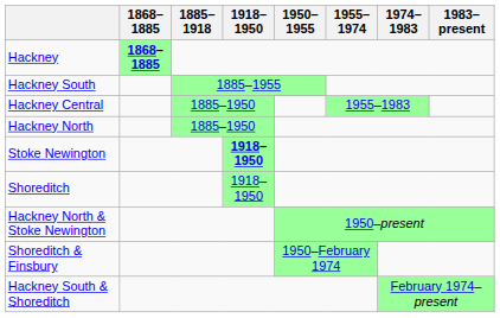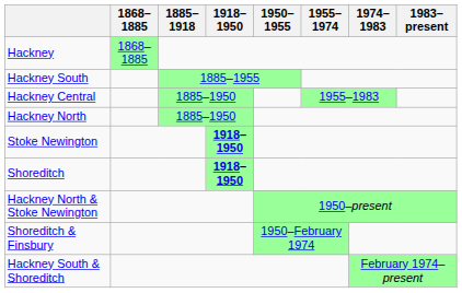 <table class="wikitable">
 <tr>
 <th> </th>
 <th>1868–1885</th>
 <th>1885–1918</th>
 <th>1918–1950</th>
 <th>1950–1955</th>
 <th>1955–1974</th>
 <th>1974–1983</th>
 <th>1983–present</th>
 </tr>
 <tr>
 <td><a href='#'>Hackney</a></td>
-<td colspan="1" align="center" bgcolor="#99FF99"><strong><a href='#'>1868</a>–<a href='#'>1885</a></strong></td>
+<td colspan="1" align="center" bgcolor="#99FF99"><a href='#'>1868</a>–<a href='#'>1885</a></td>
 <td colspan="6"> </td>
 </tr>
 <tr>
 <td><a href='#'>Hackney South</a></td>
 <td colspan="1"> </td>
 <td colspan="3" align="center" bgcolor="#99FF99"><a href='#'>1885</a>–<a href='#'>1955</a></td>
 <td colspan="3"> </td>
 </tr>
 <tr>
 <td><a href='#'>Hackney Central</a></td>
 <td colspan="1"> </td>
 <td colspan="2" align="center" bgcolor="#99FF99"><a href='#'>1885</a>–<a href='#'>1950</a></td>
 <td colspan="1"> </td>
 <td colspan="2" align="center" bgcolor="#99FF99"><a href='#'>1955</a>–<a href='#'>1983</a></td>
 <td colspan="1"> </td>
 </tr>
 <tr>
 <td><a href='#'>Hackney North</a></td>
 <td colspan="1"> </td>
 <td colspan="2" align="center" bgcolor="#99FF99"><a href='#'>1885</a>–<a href='#'>1950</a></td>
 <td colspan="4"> </td>
 </tr>
 <tr>
 <td><a href='#'>Stoke Newington</a></td>
 <td colspan="2"> </td>
 <td colspan="1" align="center" bgcolor="#99FF99"><strong><a href='#'>1918</a>–<a href='#'>1950</a></strong></td>
 <td colspan="4"> </td>
 </tr>
 <tr>
 <td><a href='#'>Shoreditch</a></td>
 <td colspan="2"> </td>
-<td colspan="1" align="center" bgcolor="#99FF99"><a href='#'>1918</a>–<a href='#'>1950</a></td>
+<td colspan="1" align="center" bgcolor="#99FF99"><strong><a href='#'>1918</a>–<a href='#'>1950</a></strong></td>
 <td colspan="4"> </td>
 </tr>
 <tr>
 <td><a href='#'>Hackney North & Stoke Newington</a></td>
 <td colspan="3"> </td>
 <td colspan="4" align="center" bgcolor="#99FF99"><a href='#'>1950</a>–<em>present</em></td>
 </tr>
 <tr>
 <td><a href='#'>Shoreditch & Finsbury</a></td>
 <td colspan="3"> </td>
 <td colspan="2" align="center" bgcolor="#99FF99"><a href='#'>1950</a>–<a href='#'>February 1974</a></td>
 <td colspan="2"> </td>
 </tr>
 <tr>
 <td><a href='#'>Hackney South & Shoreditch</a></td>
 <td colspan="5"> </td>
 <td colspan="2" align="center" bgcolor="#99FF99"><a href='#'>February 1974</a>–<em>present</em></td>
 </tr>
 </table>
